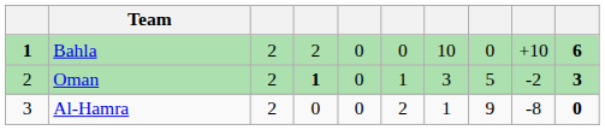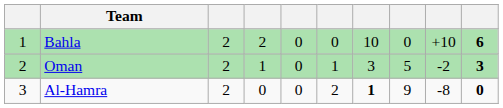 <table class="wikitable" style="text-align: center;">
 <tr>
 <th width=30></th>
 <th width=165>Team</th>
 <th width=30></th>
 <th width=30></th>
 <th width=30></th>
 <th width=30></th>
 <th width=30></th>
 <th width=30></th>
 <th width=30></th>
 <th width=30></th>
 </tr>
 <tr bgcolor=#ACE1AF>
-<td><strong>1</strong></td>
+<td>1</td>
 <td align=left><a href='#'>Bahla</a></td>
 <td>2</td>
 <td>2</td>
 <td>0</td>
 <td>0</td>
 <td>10</td>
 <td>0</td>
 <td>+10</td>
 <td><strong>6</strong></td>
 </tr>
 <tr bgcolor=#ACE1AF>
 <td>2</td>
 <td align=left><a href='#'>Oman</a></td>
 <td>2</td>
-<td><strong>1</strong></td>
+<td>1</td>
 <td>0</td>
 <td>1</td>
 <td>3</td>
 <td>5</td>
 <td>-2</td>
 <td><strong>3</strong></td>
 </tr>
 <tr>
 <td>3</td>
 <td align=left><a href='#'>Al-Hamra</a></td>
 <td>2</td>
 <td>0</td>
 <td>0</td>
 <td>2</td>
-<td>1</td>
+<td><strong>1</strong></td>
 <td>9</td>
 <td>-8</td>
 <td><strong>0</strong></td>
 </tr>
 </table>
